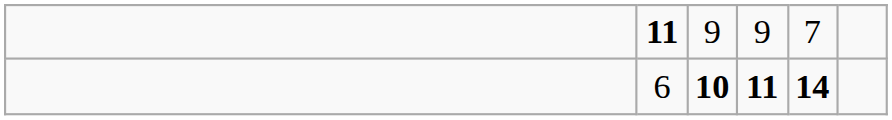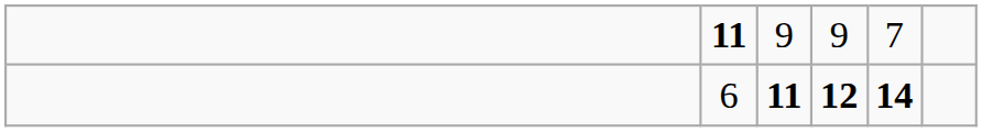 <table class="wikitable">
 <tr>
 <td style="width:18em"></td>
 <td align=center style="width:1em"><strong>11</strong></td>
 <td align=center style="width:1em">9</td>
 <td align=center style="width:1em">9</td>
 <td align=center style="width:1em">7</td>
 <td align=center style="width:1em"></td>
 </tr>
 <tr>
 <td style="width:18em"></td>
 <td align=center style="width:1em">6</td>
-<td align=center style="width:1em"><strong>10</strong></td>
 <td align=center style="width:1em"><strong>11</strong></td>
+<td align=center style="width:1em"><strong>12</strong></td>
 <td align=center style="width:1em"><strong>14</strong></td>
 <td align=center style="width:1em"></td>
 </tr>
 </table>
